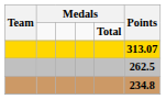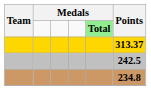 <table class="wikitable" style="text-align:center;">
 <tr>
 <th rowspan=2>Team</th>
 <th colspan=4>Medals</th>
 <th rowspan=2>Points</th>
 </tr>
 <tr>
 <td width=20px></td>
 <td width=20px></td>
 <td width=20px></td>
-<td><strong>Total</strong></td>
+<td style="background: lightgreen;"><strong>Total</strong></td>
 </tr>
 <tr bgcolor=gold>
 <td align=left></td>
 <td></td>
 <td></td>
 <td></td>
 <td></td>
-<td><strong>313.07</strong></td>
+<td><strong>313.37</strong></td>
 </tr>
 <tr bgcolor=silver>
 <td align=left></td>
 <td></td>
 <td></td>
 <td></td>
 <td></td>
-<td><strong>262.5</strong></td>
+<td><strong>242.5</strong></td>
 </tr>
 <tr bgcolor="CC9966">
 <td align=left></td>
 <td></td>
 <td></td>
 <td></td>
 <td></td>
 <td><strong>234.8</strong></td>
 </tr>
 <tr>
 </tr>
 </table>
